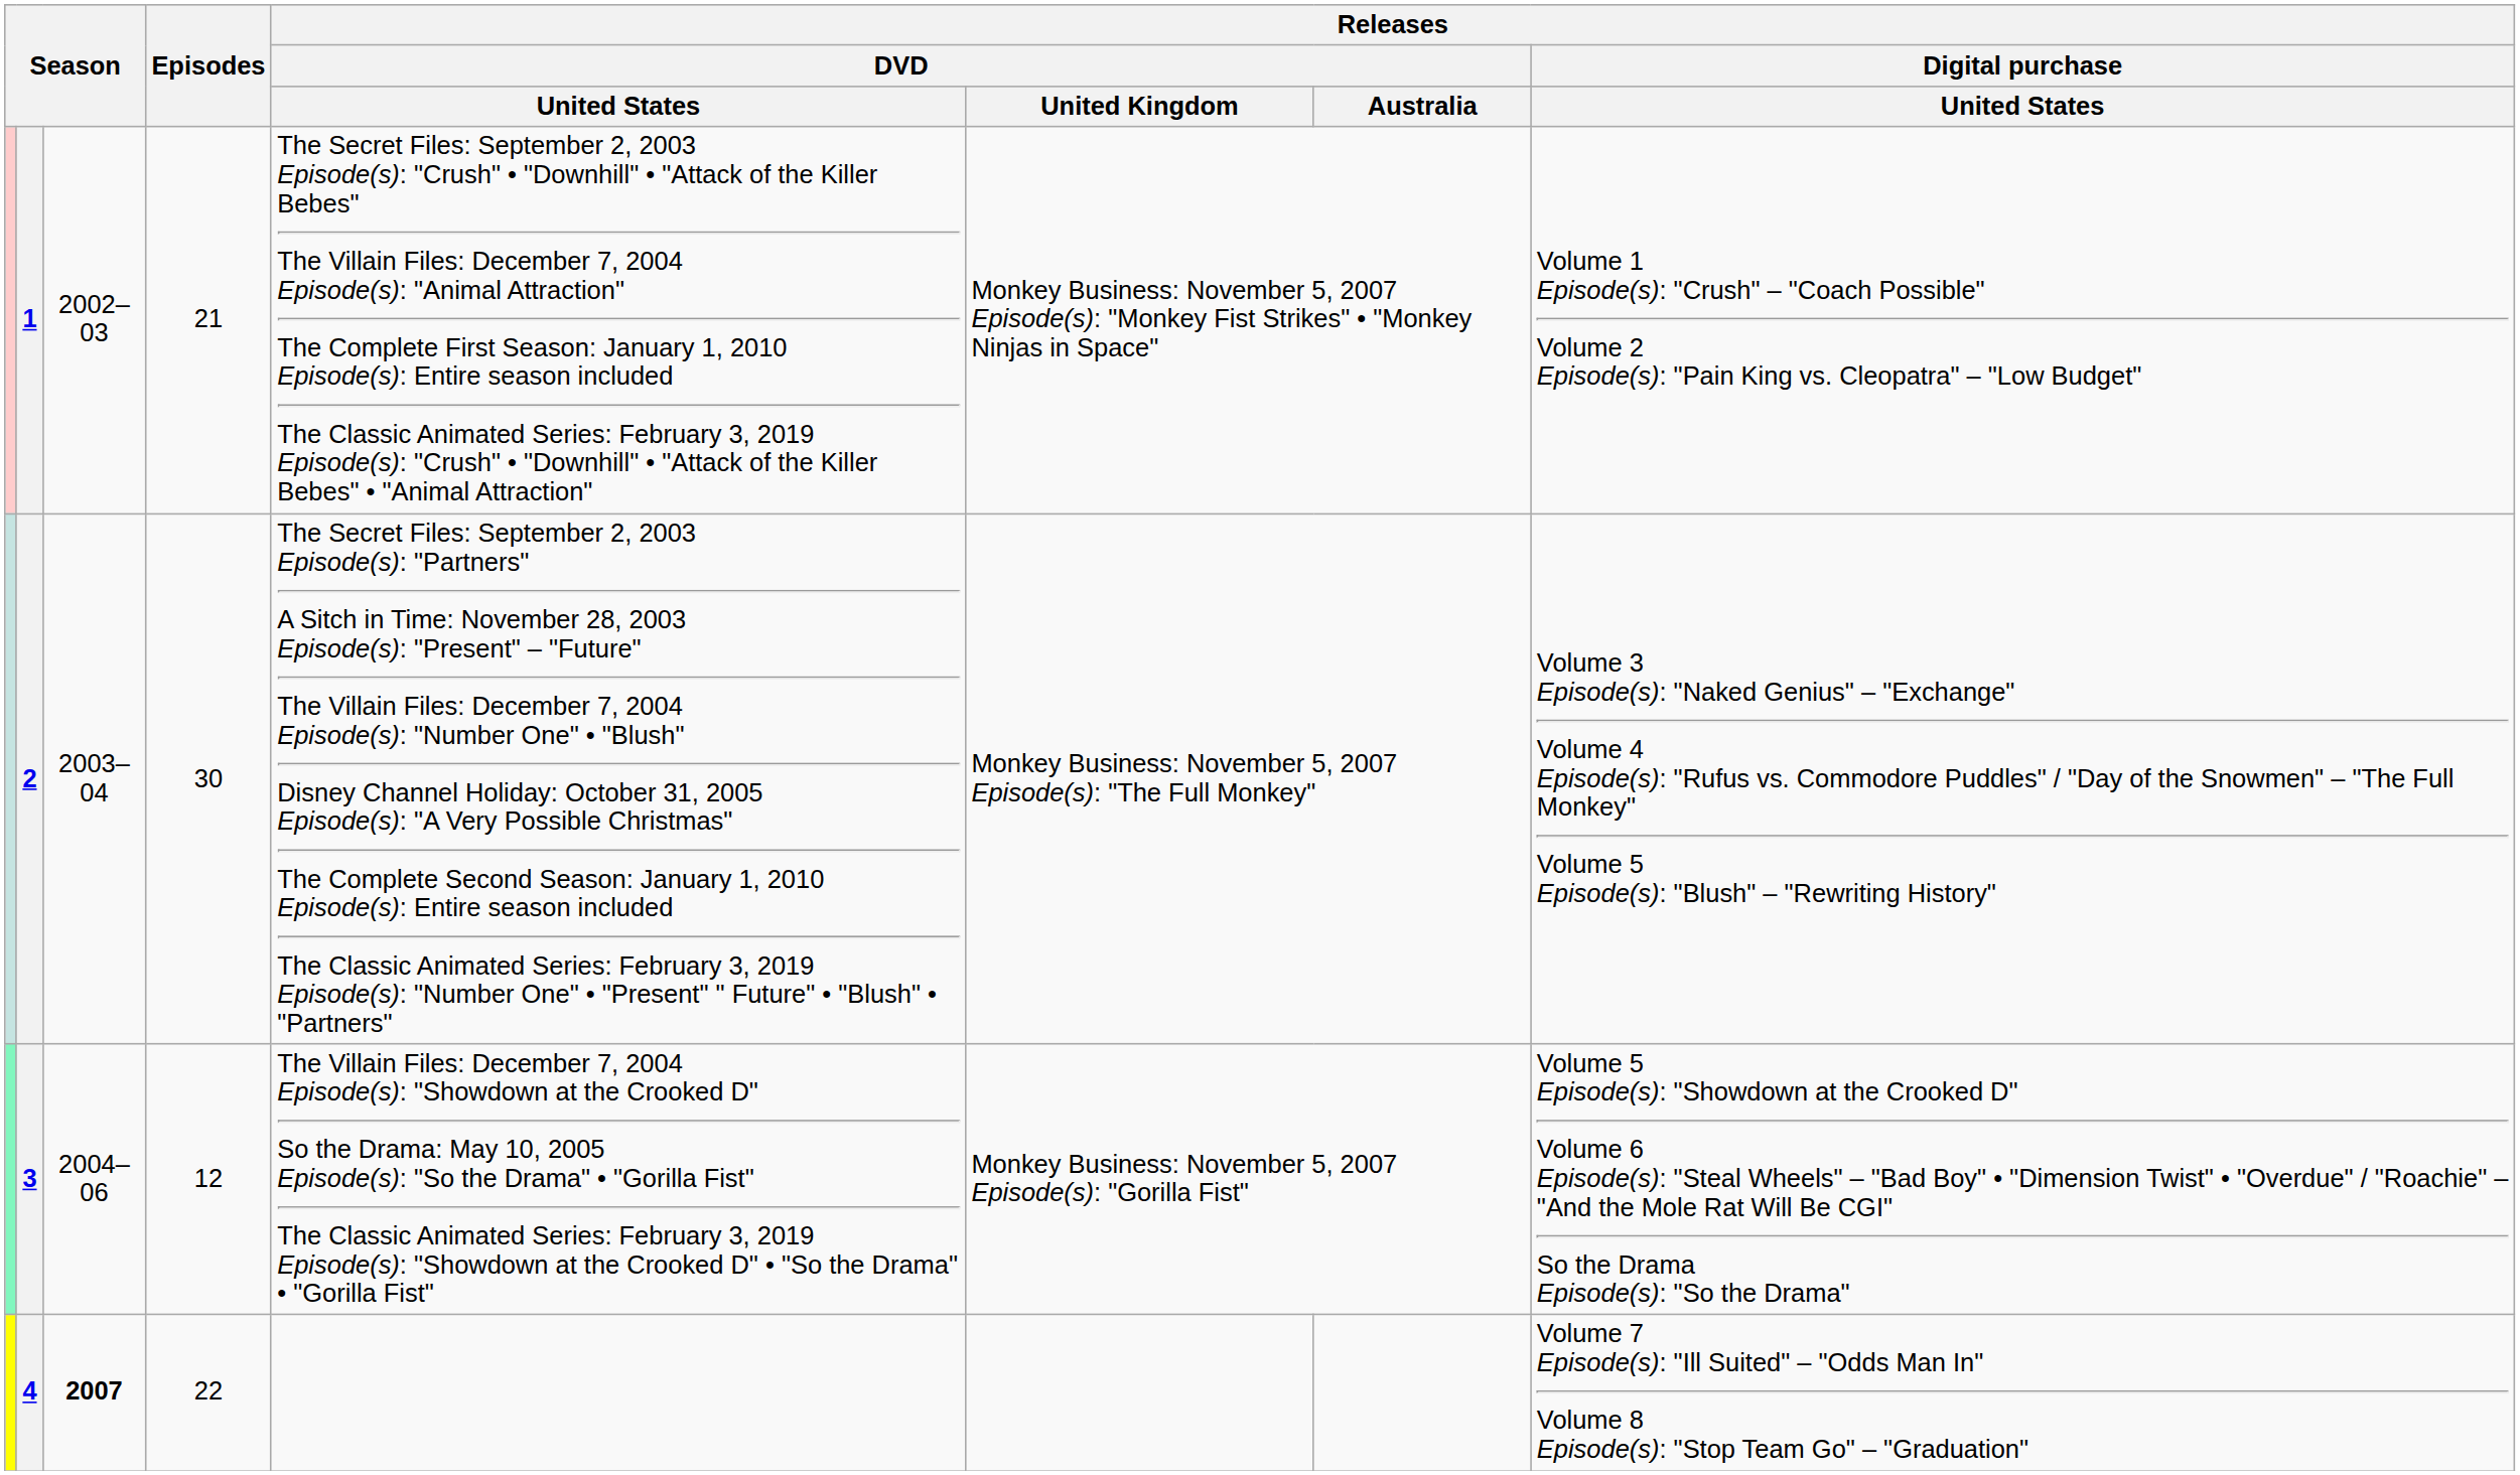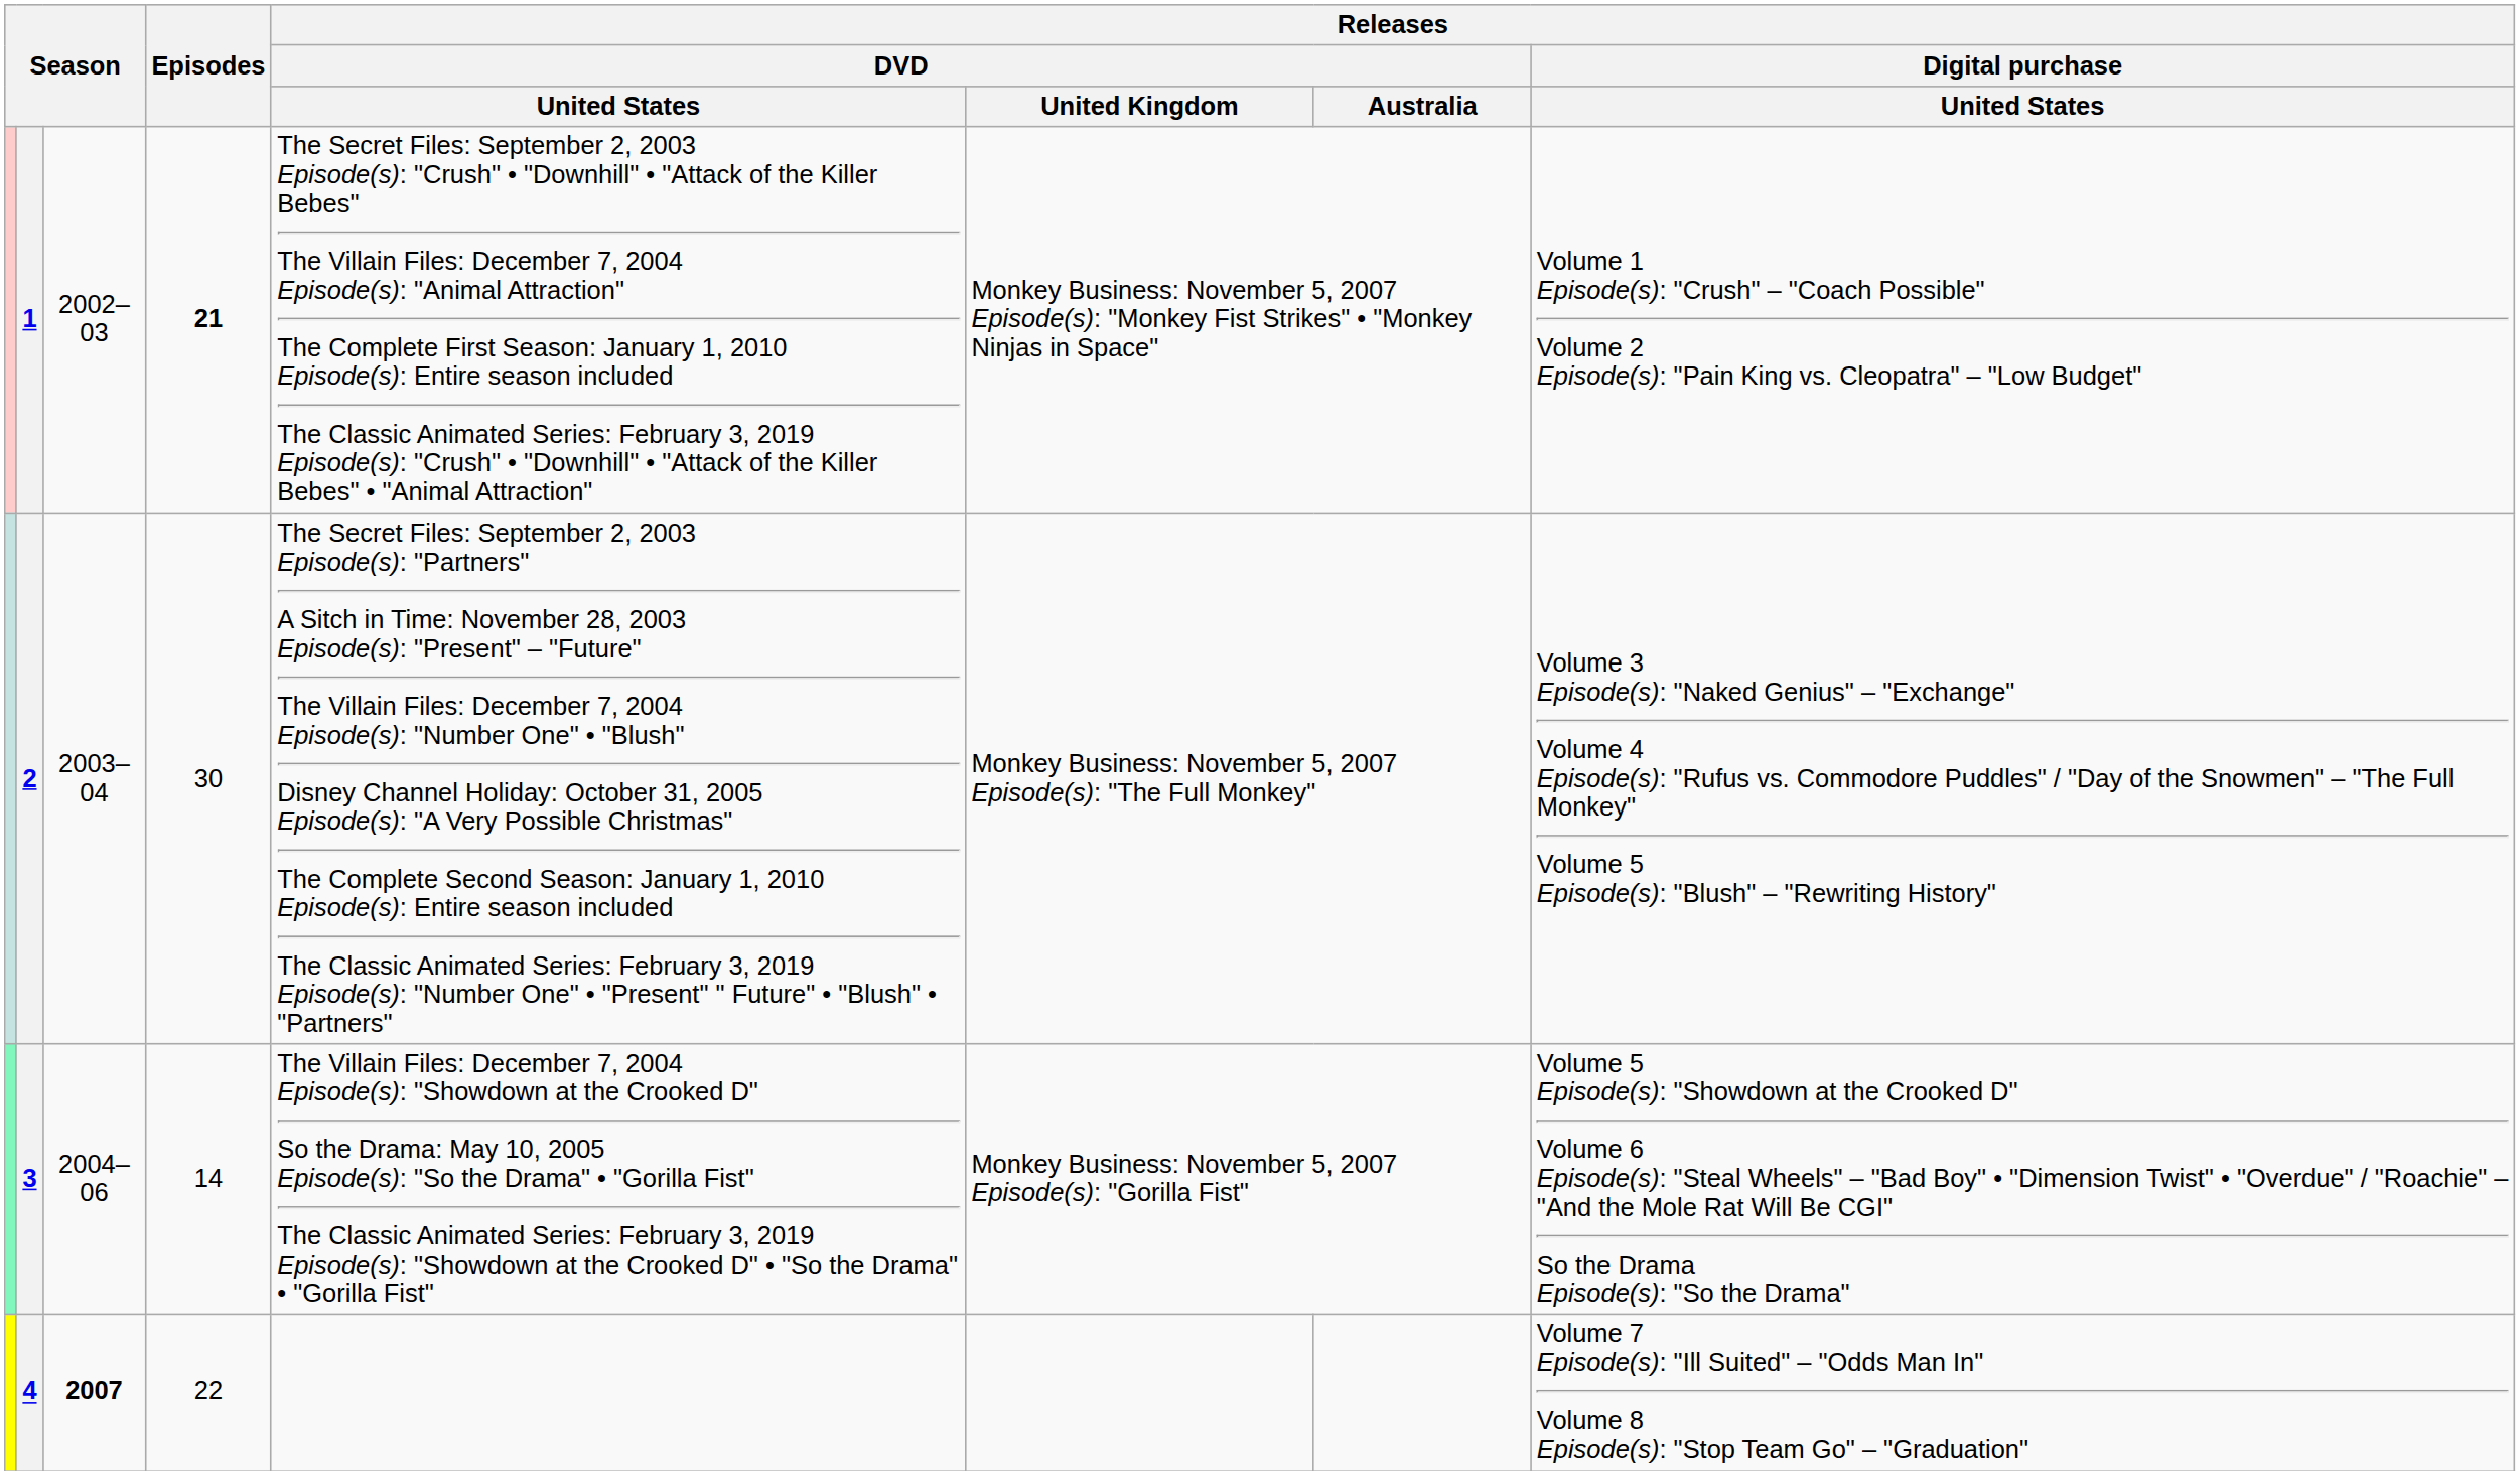 <table class="wikitable">
 <tr>
 <th colspan=3 rowspan=3>Season</th>
 <th rowspan=3>Episodes</th>
 <th colspan=4>Releases</th>
 </tr>
 <tr>
 <th colspan=3>DVD</th>
 <th colspan=1>Digital purchase</th>
 </tr>
 <tr>
 <th>United States</th>
 <th>United Kingdom</th>
 <th>Australia</th>
 <th>United States</th>
 </tr>
 <tr>
 <th style="background:#fcc"></th>
 <th><a href='#'>1</a></th>
 <td style="text-align: center">2002–03</td>
-<td style="text-align: center">21</td>
+<td style="text-align: center"><strong>21</strong></td>
 <td>The Secret Files: September 2, 2003<br><em>Episode(s)</em>: "Crush" • "Downhill" • "Attack of the Killer Bebes"<hr>The Villain Files: December 7, 2004<br><em>Episode(s)</em>: "Animal Attraction"<hr>The Complete First Season: January 1, 2010<br><em>Episode(s)</em>: Entire season included<hr>The Classic Animated Series: February 3, 2019<br><em>Episode(s)</em>: "Crush" • "Downhill" • "Attack of the Killer Bebes" • "Animal Attraction"</td>
 <td colspan="2">Monkey Business: November 5, 2007<br><em>Episode(s)</em>: "Monkey Fist Strikes" • "Monkey Ninjas in Space"</td>
 <td>Volume 1<br><em>Episode(s)</em>: "Crush" – "Coach Possible"<hr>Volume 2<br><em>Episode(s)</em>: "Pain King vs. Cleopatra" – "Low Budget"</td>
 </tr>
 <tr>
 <th style="background:#C5E4E1"></th>
 <th><a href='#'>2</a></th>
 <td style="text-align: center">2003–04</td>
 <td style="text-align: center">30</td>
 <td>The Secret Files: September 2, 2003<br><em>Episode(s)</em>: "Partners"<hr>A Sitch in Time: November 28, 2003<br><em>Episode(s)</em>: "Present" – "Future"<hr>The Villain Files: December 7, 2004<br><em>Episode(s)</em>: "Number One" • "Blush"<hr>Disney Channel Holiday: October 31, 2005<br><em>Episode(s)</em>: "A Very Possible Christmas"<hr>The Complete Second Season: January 1, 2010<br><em>Episode(s)</em>: Entire season included<hr>The Classic Animated Series: February 3, 2019<br><em>Episode(s)</em>: "Number One" • "Present" " Future" • "Blush" • "Partners"</td>
 <td colspan="2">Monkey Business: November 5, 2007<br><em>Episode(s)</em>: "The Full Monkey"</td>
 <td>Volume 3<br><em>Episode(s)</em>: "Naked Genius" – "Exchange"<hr>Volume 4<br><em>Episode(s)</em>: "Rufus vs. Commodore Puddles" / "Day of the Snowmen" – "The Full Monkey"<hr>Volume 5<br><em>Episode(s)</em>: "Blush" – "Rewriting History"</td>
 </tr>
 <tr>
 <th style="background:#81F7BE"></th>
 <th><a href='#'>3</a></th>
 <td style="text-align: center">2004–06</td>
-<td style="text-align: center">12</td>
+<td style="text-align: center">14</td>
 <td>The Villain Files: December 7, 2004<br><em>Episode(s)</em>: "Showdown at the Crooked D"<hr>So the Drama: May 10, 2005<br><em>Episode(s)</em>: "So the Drama" • "Gorilla Fist"<hr>The Classic Animated Series: February 3, 2019<br><em>Episode(s)</em>: "Showdown at the Crooked D" • "So the Drama" • "Gorilla Fist"</td>
 <td colspan="2">Monkey Business: November 5, 2007<br><em>Episode(s)</em>: "Gorilla Fist"</td>
 <td>Volume 5<br><em>Episode(s)</em>: "Showdown at the Crooked D"<hr>Volume 6<br><em>Episode(s)</em>: "Steal Wheels" – "Bad Boy" • "Dimension Twist" • "Overdue" / "Roachie" – "And the Mole Rat Will Be CGI"<hr>So the Drama<br><em>Episode(s)</em>: "So the Drama"</td>
 </tr>
 <tr>
 <th style="background:#ff0"></th>
 <th><a href='#'>4</a></th>
 <td style="text-align: center"><strong>2007</strong></td>
 <td style="text-align: center">22</td>
 <td></td>
 <td></td>
 <td></td>
 <td>Volume 7<br><em>Episode(s)</em>: "Ill Suited" – "Odds Man In"<hr>Volume 8<br><em>Episode(s)</em>: "Stop Team Go" – "Graduation"</td>
 </tr>
 </table>
